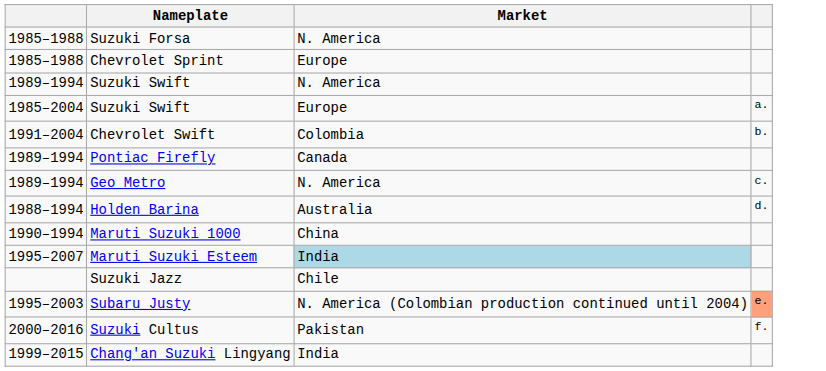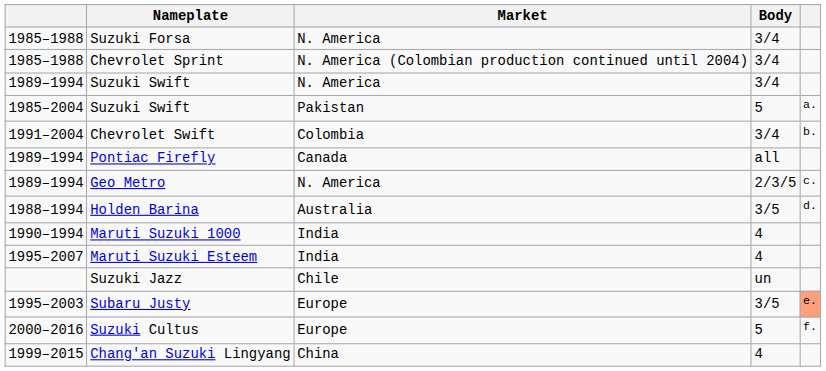 <table class="wikitable" style="right; margin-left: 4em; margin-right:">
 <tr>
 <th></th>
 <th>Nameplate</th>
 <th>Market</th>
+<th>Body</th>
 <th></th>
 </tr>
 <tr>
 <td>1985–1988</td>
 <td>Suzuki Forsa</td>
 <td>N. America</td>
+<td>3/4</td>
 <td></td>
 </tr>
 <tr>
 <td>1985–1988</td>
 <td>Chevrolet Sprint</td>
-<td>Europe</td>
+<td>N. America (Colombian production continued until 2004)</td>
+<td>3/4</td>
 <td></td>
 </tr>
 <tr>
 <td>1989–1994</td>
 <td>Suzuki Swift</td>
 <td>N. America</td>
+<td>3/4</td>
 <td></td>
 </tr>
 <tr>
 <td>1985–2004</td>
 <td>Suzuki Swift</td>
-<td>Europe</td>
+<td>Pakistan</td>
+<td>5</td>
 <td><sup>a.</sup></td>
 </tr>
 <tr>
 <td>1991–2004</td>
 <td>Chevrolet Swift</td>
 <td>Colombia</td>
+<td>3/4</td>
 <td><sup>b.</sup></td>
 </tr>
 <tr>
 <td>1989–1994</td>
 <td><a href='#'>Pontiac Firefly</a></td>
 <td>Canada</td>
+<td>all</td>
 <td></td>
 </tr>
 <tr>
 <td>1989–1994</td>
 <td><a href='#'>Geo Metro</a></td>
 <td>N. America</td>
+<td>2/3/5</td>
 <td><sup>c.</sup></td>
 </tr>
 <tr>
 <td>1988–1994</td>
 <td><a href='#'>Holden Barina</a></td>
 <td>Australia</td>
+<td>3/5</td>
 <td><sup>d.</sup></td>
 </tr>
 <tr>
 <td>1990–1994</td>
 <td><a href='#'>Maruti Suzuki 1000</a></td>
-<td>China</td>
+<td>India</td>
+<td>4</td>
 <td></td>
 </tr>
 <tr>
 <td>1995–2007</td>
 <td><a href='#'>Maruti Suzuki Esteem</a></td>
-<td style="background: lightblue;">India</td>
+<td>India</td>
+<td>4</td>
 <td></td>
 </tr>
 <tr>
 <td></td>
 <td>Suzuki Jazz</td>
 <td>Chile</td>
+<td>un</td>
 <td></td>
 </tr>
 <tr>
 <td>1995–2003</td>
 <td><a href='#'>Subaru Justy</a></td>
-<td>N. America (Colombian production continued until 2004)</td>
+<td>Europe</td>
+<td>3/5</td>
 <td style="background: lightsalmon;"><sup>e.</sup></td>
 </tr>
 <tr>
 <td>2000–2016</td>
 <td><a href='#'>Suzuki</a> Cultus</td>
-<td>Pakistan</td>
+<td>Europe</td>
+<td>5</td>
 <td><sup>f.</sup></td>
 </tr>
 <tr>
 <td>1999–2015</td>
 <td><a href='#'>Chang'an Suzuki</a> Lingyang</td>
-<td>India</td>
+<td>China</td>
+<td>4</td>
 <td></td>
 </tr>
 </table>
